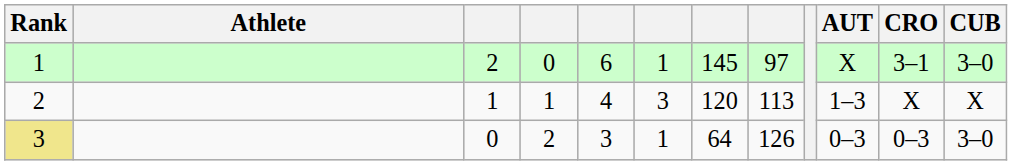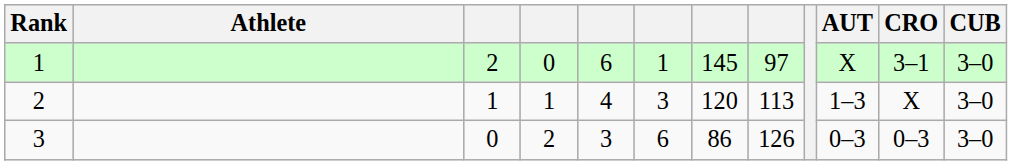 <table class="wikitable" style="text-align:center">
 <tr>
 <th>Rank</th>
 <th width=250>Athlete</th>
 <th width=30></th>
 <th width=30></th>
 <th width=30></th>
 <th width=30></th>
 <th width=30></th>
 <th width=30></th>
 <th rowspan=4></th>
 <th width=30>AUT</th>
 <th width=30>CRO</th>
 <th width=30>CUB</th>
 </tr>
 <tr style="background-color:#ccffcc;">
 <td>1</td>
 <td align=left></td>
 <td>2</td>
 <td>0</td>
 <td>6</td>
 <td>1</td>
 <td>145</td>
 <td>97</td>
 <td>X</td>
 <td>3–1</td>
 <td>3–0</td>
 </tr>
 <tr>
 <td>2</td>
 <td align=left></td>
 <td>1</td>
 <td>1</td>
 <td>4</td>
 <td>3</td>
 <td>120</td>
 <td>113</td>
 <td>1–3</td>
 <td>X</td>
-<td>X</td>
+<td>3–0</td>
 </tr>
 <tr>
-<td style="background: khaki;">3</td>
+<td>3</td>
 <td align=left></td>
 <td>0</td>
 <td>2</td>
 <td>3</td>
-<td>1</td>
-<td>64</td>
+<td>6</td>
+<td>86</td>
 <td>126</td>
 <td>0–3</td>
 <td>0–3</td>
 <td>3–0</td>
 </tr>
 </table>
